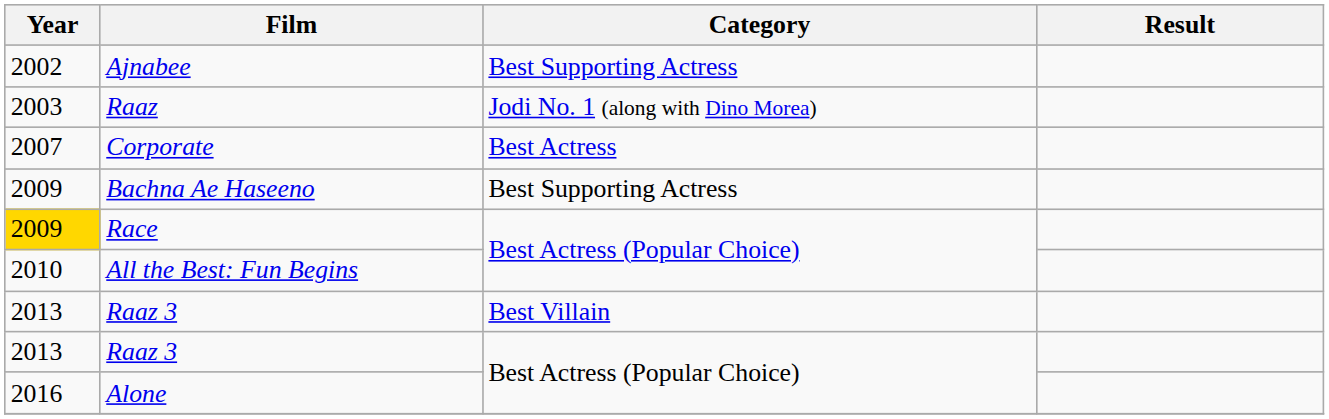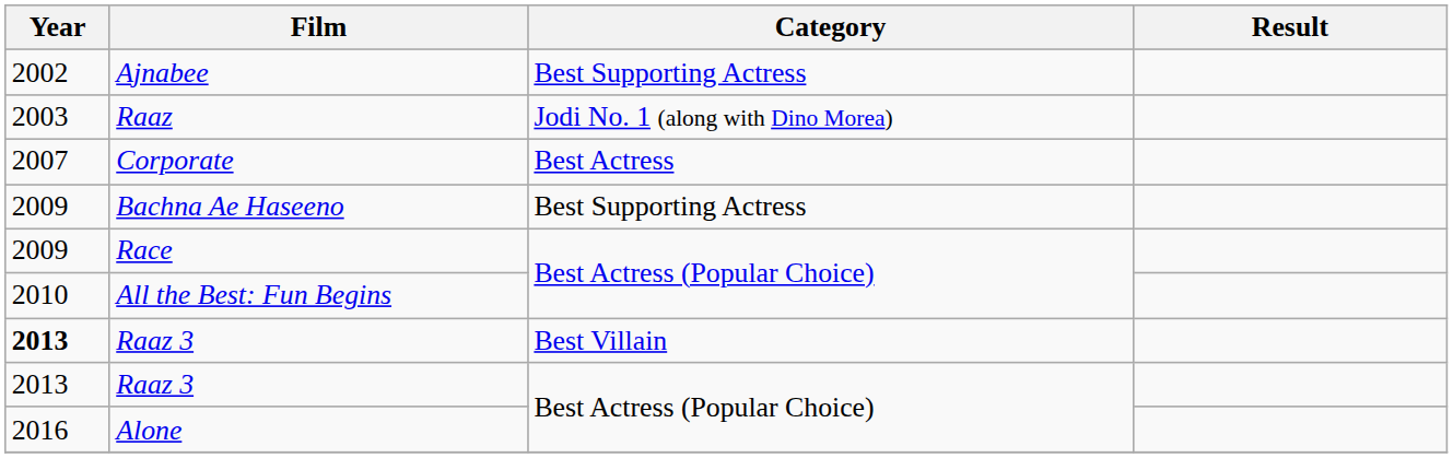 <table class="wikitable sortable plainrowheaders">
 <tr>
 <th width=5%>Year</th>
 <th width=20%>Film</th>
 <th width=29%>Category</th>
 <th width=15%>Result</th>
 </tr>
 <tr>
 <td>2002</td>
 <td><em><a href='#'>Ajnabee</a></em></td>
 <td><a href='#'>Best Supporting Actress</a></td>
 <td></td>
 </tr>
 <tr>
 <td>2003</td>
 <td><em><a href='#'>Raaz</a></em></td>
 <td><a href='#'>Jodi No. 1</a> <small>(along with <a href='#'>Dino Morea</a>)</small></td>
 <td></td>
 </tr>
 <tr>
 <td>2007</td>
 <td><em><a href='#'>Corporate</a></em></td>
 <td><a href='#'>Best Actress</a></td>
 <td></td>
 </tr>
 <tr>
 <td>2009</td>
 <td><em><a href='#'>Bachna Ae Haseeno</a></em></td>
 <td>Best Supporting Actress</td>
 <td></td>
 </tr>
 <tr>
-<td style="background: gold;">2009</td>
+<td>2009</td>
 <td><em><a href='#'>Race</a></em></td>
 <td rowspan="2"><a href='#'>Best Actress (Popular Choice)</a></td>
 <td></td>
 </tr>
 <tr>
 <td>2010</td>
 <td><em><a href='#'>All the Best: Fun Begins</a></em></td>
 <td></td>
 </tr>
 <tr>
-<td>2013</td>
+<td><strong>2013</strong></td>
 <td><em><a href='#'>Raaz 3</a></em></td>
 <td><a href='#'>Best Villain</a></td>
 <td></td>
 </tr>
 <tr>
 <td>2013</td>
 <td><em><a href='#'>Raaz 3</a></em></td>
 <td rowspan="2">Best Actress (Popular Choice)</td>
 <td></td>
 </tr>
 <tr>
 <td>2016</td>
 <td><em><a href='#'>Alone</a></em></td>
 <td></td>
 </tr>
 <tr>
 </tr>
 </table>
